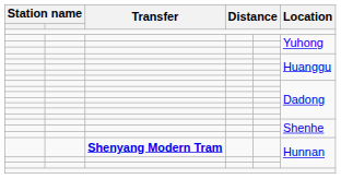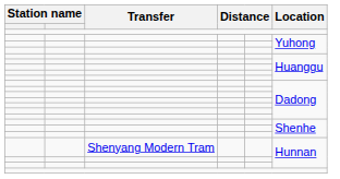 <table class="wikitable">
 <tr>
 <th colspan=2>Station name</th>
 <th rowspan=2>Transfer</th>
 <th colspan="2" rowspan="2">Distance<br></th>
 <th rowspan=2>Location</th>
 </tr>
 <tr>
 <th></th>
 <th></th>
 </tr>
 <tr style="background:#">
 <td colspan = "7"></td>
 </tr>
 <tr>
 <td></td>
 <td></td>
 <td></td>
 <td></td>
 <td></td>
 <td rowspan="3"><a href='#'>Yuhong</a></td>
 </tr>
 <tr>
 <td></td>
 <td></td>
 <td></td>
 <td></td>
 <td></td>
 </tr>
 <tr>
 <td></td>
 <td></td>
 <td></td>
 <td></td>
 <td></td>
 </tr>
 <tr>
 <td></td>
 <td></td>
 <td></td>
 <td></td>
 <td></td>
 <td rowspan="5"><a href='#'>Huanggu</a></td>
 </tr>
 <tr>
 <td></td>
 <td></td>
 <td></td>
 <td></td>
 <td></td>
 </tr>
 <tr>
 <td></td>
 <td></td>
 <td></td>
 <td></td>
 <td></td>
 </tr>
 <tr>
 <td></td>
 <td></td>
 <td></td>
 <td></td>
 <td></td>
 </tr>
 <tr>
 <td></td>
 <td></td>
 <td></td>
 <td></td>
 <td></td>
 </tr>
 <tr>
 <td></td>
 <td></td>
 <td></td>
 <td></td>
 <td></td>
 <td rowspan="7"><a href='#'>Dadong</a></td>
 </tr>
 <tr>
 <td></td>
 <td></td>
 <td></td>
 <td></td>
 <td></td>
 </tr>
 <tr>
 <td></td>
 <td></td>
 <td></td>
 <td></td>
 <td></td>
 </tr>
 <tr>
 <td></td>
 <td></td>
 <td></td>
 <td></td>
 <td></td>
 </tr>
 <tr>
 <td></td>
 <td></td>
 <td></td>
 <td></td>
 <td></td>
 </tr>
 <tr>
 <td></td>
 <td></td>
 <td></td>
 <td></td>
 <td></td>
 </tr>
 <tr>
 <td></td>
 <td></td>
 <td></td>
 <td></td>
 <td></td>
 </tr>
 <tr>
 <td></td>
 <td></td>
 <td></td>
 <td></td>
 <td></td>
 <td rowspan="3"><a href='#'>Shenhe</a></td>
 </tr>
 <tr>
 <td></td>
 <td></td>
 <td></td>
 <td></td>
 <td></td>
 </tr>
 <tr>
 <td></td>
 <td></td>
 <td></td>
 <td></td>
 <td></td>
 </tr>
 <tr>
 <td></td>
 <td></td>
-<td><strong> <a href='#'>Shenyang Modern Tram</a></strong></td>
+<td> <a href='#'>Shenyang Modern Tram</a></td>
 <td></td>
 <td></td>
 <td rowspan="3"><a href='#'>Hunnan</a></td>
 </tr>
 <tr>
 <td></td>
 <td></td>
 <td></td>
 <td></td>
 <td></td>
 </tr>
 <tr>
 <td></td>
 <td></td>
 <td></td>
 <td></td>
 <td></td>
 </tr>
 <tr style="background:#">
 <td colspan = "7"></td>
 </tr>
 </table>
